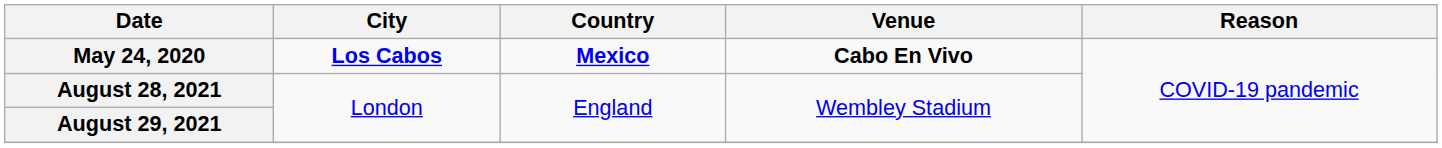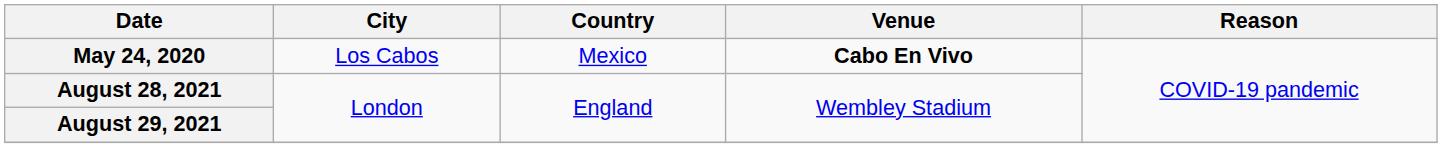 <table class="wikitable plainrowheaders" style="text-align:center;">
 <tr>
 <th scope="col" style="width:12em;">Date</th>
 <th scope="col" style="width:10em;">City</th>
 <th scope="col" style="width:10em;">Country</th>
 <th scope="col" style="width:16em;">Venue</th>
 <th scope="col" style="width:16em;">Reason</th>
 </tr>
 <tr>
 <th scope="row" style="text-align:center;">May 24, 2020</th>
-<td rowspan="1"><strong><a href='#'>Los Cabos</a></strong></td>
-<td rowspan="1"><strong><a href='#'>Mexico</a></strong></td>
+<td rowspan="1"><a href='#'>Los Cabos</a></td>
+<td rowspan="1"><a href='#'>Mexico</a></td>
 <td rowspan="1"><strong>Cabo En Vivo</strong></td>
 <td rowspan="3"><a href='#'>COVID-19 pandemic</a></td>
 </tr>
 <tr>
 <th scope="row" style="text-align:center;">August 28, 2021</th>
 <td rowspan="2"><a href='#'>London</a></td>
 <td rowspan="2"><a href='#'>England</a></td>
 <td rowspan="2"><a href='#'>Wembley Stadium</a></td>
 </tr>
 <tr>
 <th scope="row" style="text-align:center;">August 29, 2021</th>
 </tr>
 <tr>
 </tr>
 </table>
